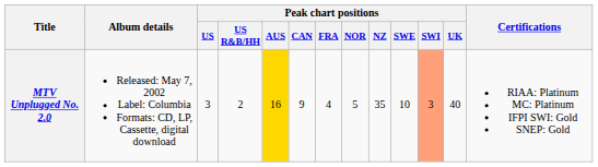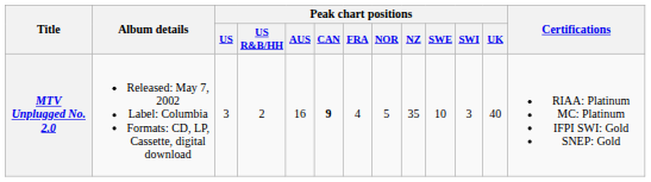 <table class="wikitable plainrowheaders" style="text-align:center;">
 <tr>
 <th scope="col" rowspan="2" style="width:11em;">Title</th>
 <th scope="col" rowspan="2" style="width:16em;">Album details</th>
 <th scope="col" colspan="10">Peak chart positions</th>
 <th scope="col" rowspan="2" style="width:20em;"><a href='#'>Certifications</a></th>
 </tr>
 <tr>
 <th scope="col" style="width:2.5em;font-size:90%;"><a href='#'>US</a><br></th>
 <th scope="col" style="width:2.5em;font-size:90%;"><a href='#'>US R&B/HH</a><br></th>
 <th scope="col" style="width:2.5em;font-size:90%;"><a href='#'>AUS</a><br></th>
 <th scope="col" style="width:2.5em;font-size:90%;"><a href='#'>CAN</a><br></th>
 <th scope="col" style="width:2.5em;font-size:90%;"><a href='#'>FRA</a><br></th>
 <th scope="col" style="width:2.5em;font-size:90%;"><a href='#'>NOR</a><br></th>
 <th scope="col" style="width:2.5em;font-size:90%;"><a href='#'>NZ</a><br></th>
 <th scope="col" style="width:2.5em;font-size:90%;"><a href='#'>SWE</a><br></th>
 <th scope="col" style="width:2.5em;font-size:90%;"><a href='#'>SWI</a><br></th>
 <th scope="col" style="width:2.5em;font-size:90%;"><a href='#'>UK</a><br></th>
 </tr>
 <tr>
 <th scope="row"><em><a href='#'>MTV Unplugged No. 2.0</a></em></th>
 <td><br><ul><li>Released: May 7, 2002</li><li>Label: Columbia</li><li>Formats: CD, LP, Cassette, digital download</li></ul></td>
 <td>3</td>
 <td>2</td>
-<td style="background: gold;">16</td>
-<td>9</td>
+<td>16</td>
+<td><strong>9</strong></td>
 <td>4</td>
 <td>5</td>
 <td>35</td>
 <td>10</td>
-<td style="background: lightsalmon;">3</td>
+<td>3</td>
 <td>40</td>
 <td><br><ul><li>RIAA: Platinum</li><li>MC: Platinum</li><li>IFPI SWI: Gold</li><li>SNEP: Gold</li></ul></td>
 </tr>
 </table>
